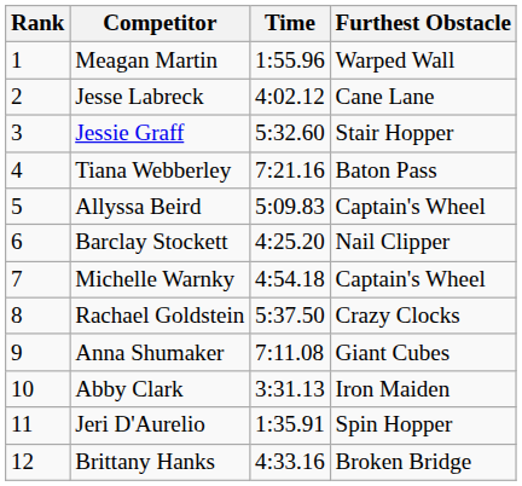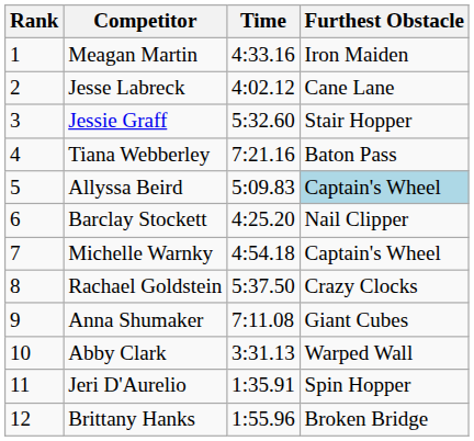 <table class="wikitable sortable">
 <tr>
 <th>Rank</th>
 <th>Competitor</th>
 <th>Time</th>
 <th>Furthest Obstacle</th>
 </tr>
 <tr>
 <td>1</td>
 <td>Meagan Martin</td>
-<td>1:55.96</td>
-<td>Warped Wall</td>
+<td>4:33.16</td>
+<td>Iron Maiden</td>
 </tr>
 <tr>
 <td>2</td>
 <td>Jesse Labreck</td>
 <td>4:02.12</td>
 <td>Cane Lane</td>
 </tr>
 <tr>
 <td>3</td>
 <td><a href='#'>Jessie Graff</a></td>
 <td>5:32.60</td>
 <td>Stair Hopper</td>
 </tr>
 <tr>
 <td>4</td>
 <td>Tiana Webberley</td>
 <td>7:21.16</td>
 <td>Baton Pass</td>
 </tr>
 <tr>
 <td>5</td>
 <td>Allyssa Beird</td>
 <td>5:09.83</td>
-<td>Captain's Wheel</td>
+<td style="background: lightblue;">Captain's Wheel</td>
 </tr>
 <tr>
 <td>6</td>
 <td>Barclay Stockett</td>
 <td>4:25.20</td>
 <td>Nail Clipper</td>
 </tr>
 <tr>
 <td>7</td>
 <td>Michelle Warnky</td>
 <td>4:54.18</td>
 <td>Captain's Wheel</td>
 </tr>
 <tr>
 <td>8</td>
 <td>Rachael Goldstein</td>
 <td>5:37.50</td>
 <td>Crazy Clocks</td>
 </tr>
 <tr>
 <td>9</td>
 <td>Anna Shumaker</td>
 <td>7:11.08</td>
 <td>Giant Cubes</td>
 </tr>
 <tr>
 <td>10</td>
 <td>Abby Clark</td>
 <td>3:31.13</td>
-<td>Iron Maiden</td>
+<td>Warped Wall</td>
 </tr>
 <tr>
 <td>11</td>
 <td>Jeri D'Aurelio</td>
 <td>1:35.91</td>
 <td>Spin Hopper</td>
 </tr>
 <tr>
 <td>12</td>
 <td>Brittany Hanks</td>
-<td>4:33.16</td>
+<td>1:55.96</td>
 <td>Broken Bridge</td>
 </tr>
 </table>
